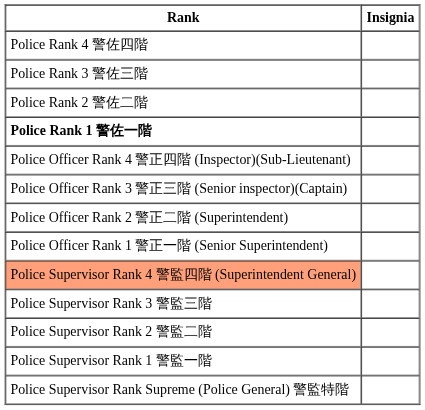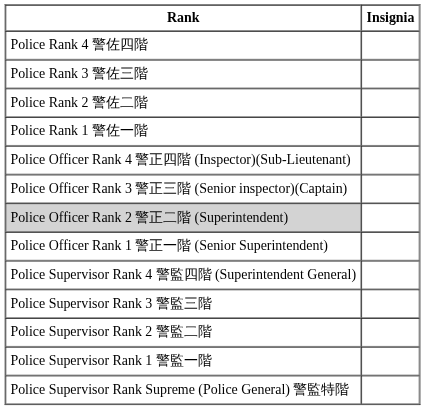 <table border="1" cellpadding="5" cellspacing="0" align="center">
 <tr>
 <th>Rank</th>
 <th>Insignia</th>
 </tr>
 <tr>
 <td>Police Rank 4 警佐四階</td>
 <td></td>
 </tr>
 <tr>
 <td>Police Rank 3 警佐三階</td>
 <td></td>
 </tr>
 <tr>
 <td>Police Rank 2 警佐二階</td>
 <td></td>
 </tr>
 <tr>
-<td><strong>Police Rank 1 警佐一階</strong></td>
+<td>Police Rank 1 警佐一階</td>
 <td></td>
 </tr>
 <tr>
 <td>Police Officer Rank 4 警正四階 (Inspector)(Sub-Lieutenant)</td>
 <td></td>
 </tr>
 <tr>
 <td>Police Officer Rank 3 警正三階 (Senior inspector)(Captain)</td>
 <td></td>
 </tr>
 <tr>
-<td>Police Officer Rank 2 警正二階 (Superintendent)</td>
+<td style="background: lightgrey;">Police Officer Rank 2 警正二階 (Superintendent)</td>
 <td></td>
 </tr>
 <tr>
 <td>Police Officer Rank 1 警正一階 (Senior Superintendent)</td>
 <td></td>
 </tr>
 <tr>
-<td style="background: lightsalmon;">Police Supervisor Rank 4 警監四階 (Superintendent General)</td>
+<td>Police Supervisor Rank 4 警監四階 (Superintendent General)</td>
 <td></td>
 </tr>
 <tr>
 <td>Police Supervisor Rank 3 警監三階</td>
 <td></td>
 </tr>
 <tr>
 <td>Police Supervisor Rank 2 警監二階</td>
 <td></td>
 </tr>
 <tr>
 <td>Police Supervisor Rank 1 警監一階</td>
 <td></td>
 </tr>
 <tr>
 <td>Police Supervisor Rank Supreme (Police General) 警監特階</td>
 <td></td>
 </tr>
 </table>
